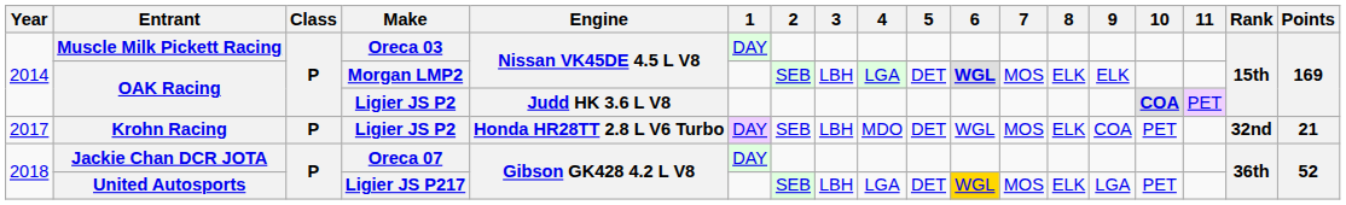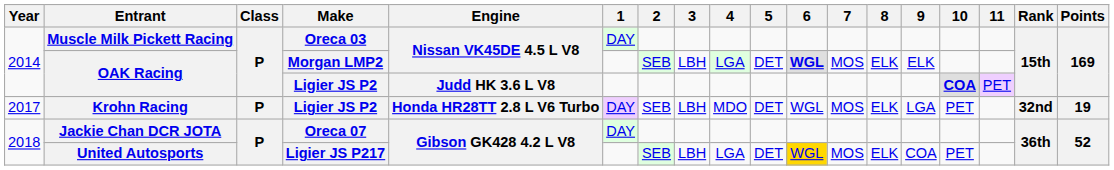 <table class="wikitable" style="text-align:center; font-size:85%">
 <tr>
 <th>Year</th>
 <th>Entrant</th>
 <th>Class</th>
 <th>Make</th>
 <th>Engine</th>
 <th>1</th>
 <th>2</th>
 <th>3</th>
 <th>4</th>
 <th>5</th>
 <th>6</th>
 <th>7</th>
 <th>8</th>
 <th>9</th>
 <th>10</th>
 <th>11</th>
 <th>Rank</th>
 <th>Points</th>
 </tr>
 <tr>
 <td rowspan=3><a href='#'>2014</a></td>
 <th nowrap><a href='#'>Muscle Milk Pickett Racing</a></th>
 <th rowspan=3>P</th>
 <th nowrap><a href='#'>Oreca 03</a></th>
 <th rowspan=2 nowrap><a href='#'>Nissan VK45DE</a> 4.5 L V8</th>
 <td style="background:#DFFFDF;"><a href='#'>DAY</a><br></td>
 <td></td>
 <td></td>
 <td></td>
 <td></td>
 <td></td>
 <td></td>
 <td></td>
 <td></td>
 <td></td>
 <td></td>
 <th rowspan=3>15th</th>
 <th rowspan=3>169</th>
 </tr>
 <tr>
 <th rowspan=2 nowrap><a href='#'>OAK Racing</a></th>
 <th nowrap><a href='#'>Morgan LMP2</a></th>
 <td></td>
 <td style="background:#DFFFDF;"><a href='#'>SEB</a><br></td>
 <td><a href='#'>LBH</a></td>
 <td style="background:#DFFFDF;"><a href='#'>LGA</a><br></td>
 <td><a href='#'>DET</a></td>
 <td style="background:#DFDFDF;"><strong><a href='#'>WGL</a></strong><br></td>
 <td><a href='#'>MOS</a></td>
 <td><a href='#'>ELK</a></td>
 <td><a href='#'>ELK</a></td>
 <td></td>
 <td></td>
 </tr>
 <tr>
 <th nowrap><a href='#'>Ligier JS P2</a></th>
 <th nowrap><a href='#'>Judd</a> HK 3.6 L V8</th>
 <td></td>
 <td></td>
 <td></td>
 <td></td>
 <td></td>
 <td></td>
 <td></td>
 <td></td>
 <td></td>
 <td style="background:#DFDFDF;"><strong><a href='#'>COA</a></strong><br></td>
 <td style="background:#EFCFFF;"><a href='#'>PET</a><br></td>
 </tr>
 <tr>
 <td><a href='#'>2017</a></td>
 <th nowrap><a href='#'>Krohn Racing</a></th>
 <th>P</th>
 <th nowrap><a href='#'>Ligier JS P2</a></th>
 <th nowrap><a href='#'>Honda HR28TT</a> 2.8 L V6 Turbo</th>
 <td style="background:#EFCFFF;"><a href='#'>DAY</a><br></td>
 <td><a href='#'>SEB</a></td>
 <td><a href='#'>LBH</a></td>
 <td><a href='#'>MDO</a></td>
 <td><a href='#'>DET</a></td>
 <td><a href='#'>WGL</a></td>
 <td><a href='#'>MOS</a></td>
 <td><a href='#'>ELK</a></td>
-<td><a href='#'>COA</a></td>
+<td><a href='#'>LGA</a></td>
 <td><a href='#'>PET</a></td>
 <td></td>
 <th>32nd</th>
-<th>21</th>
+<th>19</th>
 </tr>
 <tr>
 <td rowspan=2><a href='#'>2018</a></td>
 <th nowrap><a href='#'>Jackie Chan DCR JOTA</a></th>
 <th rowspan=2>P</th>
 <th nowrap><a href='#'>Oreca 07</a></th>
 <th rowspan=2 nowrap><a href='#'>Gibson</a> GK428 4.2 L V8</th>
 <td style="background:#DFFFDF;"><a href='#'>DAY</a><br></td>
 <td></td>
 <td></td>
 <td></td>
 <td></td>
 <td></td>
 <td></td>
 <td></td>
 <td></td>
 <td></td>
 <td></td>
 <th rowspan=2>36th</th>
 <th rowspan=2>52</th>
 </tr>
 <tr>
 <th nowrap><a href='#'>United Autosports</a></th>
 <th nowrap><a href='#'>Ligier JS P217</a></th>
 <td></td>
 <td style="background:#DFFFDF;"><a href='#'>SEB</a><br></td>
 <td><a href='#'>LBH</a></td>
 <td><a href='#'>LGA</a></td>
 <td><a href='#'>DET</a></td>
 <td style="background: gold;"><a href='#'>WGL</a></td>
 <td><a href='#'>MOS</a></td>
 <td><a href='#'>ELK</a></td>
-<td><a href='#'>LGA</a></td>
+<td><a href='#'>COA</a></td>
 <td><a href='#'>PET</a></td>
 <td></td>
 </tr>
 </table>
